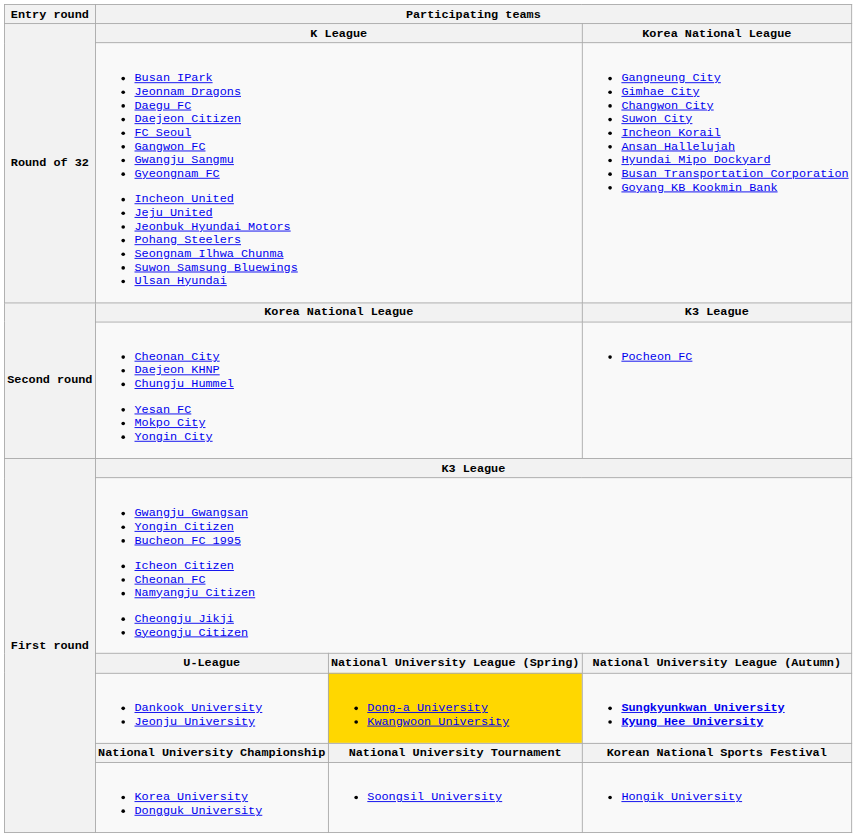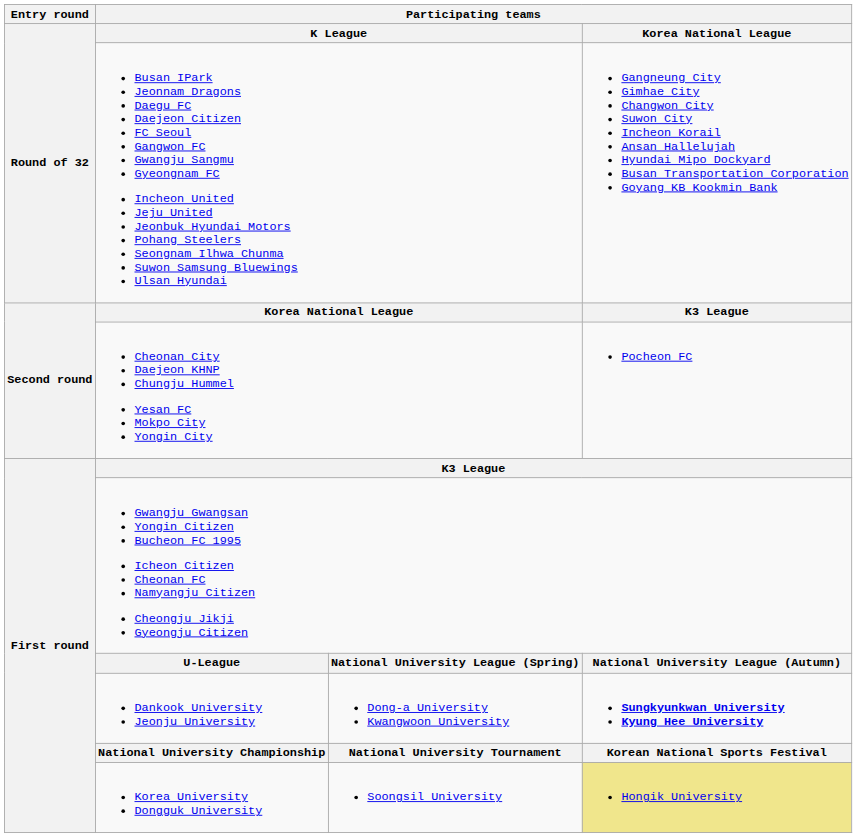 <table class="wikitable">
 <tr>
 <th>Entry round</th>
 <th colspan="3">Participating teams</th>
 </tr>
 <tr>
 <th rowspan="2">Round of 32</th>
 <th colspan="2">K League<br></th>
 <th>Korea National League<br></th>
 </tr>
 <tr style="vertical-align:top">
 <td colspan="2"><br> <ul><li><a href='#'>Busan IPark</a></li><li><a href='#'>Jeonnam Dragons</a></li><li><a href='#'>Daegu FC</a></li><li><a href='#'>Daejeon Citizen</a></li><li><a href='#'>FC Seoul</a></li><li><a href='#'>Gangwon FC</a></li><li><a href='#'>Gwangju Sangmu</a></li><li><a href='#'>Gyeongnam FC</a></li></ul><ul><li><a href='#'>Incheon United</a></li><li><a href='#'>Jeju United</a></li><li><a href='#'>Jeonbuk Hyundai Motors</a></li><li><a href='#'>Pohang Steelers</a></li><li><a href='#'>Seongnam Ilhwa Chunma</a></li><li><a href='#'>Suwon Samsung Bluewings</a></li><li><a href='#'>Ulsan Hyundai</a></li></ul></td>
 <td><br><ul><li><a href='#'>Gangneung City</a></li><li><a href='#'>Gimhae City</a></li><li><a href='#'>Changwon City</a></li><li><a href='#'>Suwon City</a></li><li><a href='#'>Incheon Korail</a></li><li><a href='#'>Ansan Hallelujah</a></li><li><a href='#'>Hyundai Mipo Dockyard</a></li><li><a href='#'>Busan Transportation Corporation</a></li><li><a href='#'>Goyang KB Kookmin Bank</a></li></ul></td>
 </tr>
 <tr>
 <th rowspan="2">Second round</th>
 <th colspan="2">Korea National League<br></th>
 <th>K3 League<br></th>
 </tr>
 <tr style="vertical-align:top">
 <td colspan="2"><br> <ul><li><a href='#'>Cheonan City</a></li><li><a href='#'>Daejeon KHNP</a></li><li><a href='#'>Chungju Hummel</a></li></ul><ul><li><a href='#'>Yesan FC</a></li><li><a href='#'>Mokpo City</a></li><li><a href='#'>Yongin City</a></li></ul></td>
 <td><br><ul><li><a href='#'>Pocheon FC</a></li></ul></td>
 </tr>
 <tr>
 <th rowspan="6">First round</th>
 <th colspan="3">K3 League<br></th>
 </tr>
 <tr style="vertical-align:top">
 <td colspan="3"><br> <ul><li><a href='#'>Gwangju Gwangsan</a></li><li><a href='#'>Yongin Citizen</a></li><li><a href='#'>Bucheon FC 1995</a></li></ul><ul><li><a href='#'>Icheon Citizen</a></li><li><a href='#'>Cheonan FC</a></li><li><a href='#'>Namyangju Citizen</a></li></ul><ul><li><a href='#'>Cheongju Jikji</a></li><li><a href='#'>Gyeongju Citizen</a></li></ul></td>
 </tr>
 <tr>
 <th>U-League<br></th>
 <th>National University League (Spring)<br></th>
 <th>National University League (Autumn)<br></th>
 </tr>
 <tr style="vertical-align:top">
 <td><br><ul><li><a href='#'>Dankook University</a></li><li><a href='#'>Jeonju University</a></li></ul></td>
-<td style="background: gold;"><br><ul><li><a href='#'>Dong-a University</a></li><li><a href='#'>Kwangwoon University</a></li></ul></td>
+<td><br><ul><li><a href='#'>Dong-a University</a></li><li><a href='#'>Kwangwoon University</a></li></ul></td>
 <td><strong><br><ul><li><a href='#'>Sungkyunkwan University</a></li><li><a href='#'>Kyung Hee University</a></li></ul></strong></td>
 </tr>
 <tr>
 <th>National University Championship<br></th>
 <th>National University Tournament<br></th>
 <th>Korean National Sports Festival<br></th>
 </tr>
 <tr style="vertical-align:top">
 <td><br><ul><li><a href='#'>Korea University</a></li><li><a href='#'>Dongguk University</a></li></ul></td>
 <td><br><ul><li><a href='#'>Soongsil University</a></li></ul></td>
-<td><br><ul><li><a href='#'>Hongik University</a></li></ul></td>
+<td style="background: khaki;"><br><ul><li><a href='#'>Hongik University</a></li></ul></td>
 </tr>
 </table>
